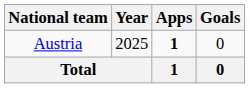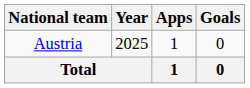 <table class="wikitable" style="text-align:center">
 <tr>
 <th>National team</th>
 <th>Year</th>
 <th>Apps</th>
 <th>Goals</th>
 </tr>
 <tr>
 <td><a href='#'>Austria</a></td>
 <td>2025</td>
-<td><strong>1</strong></td>
+<td>1</td>
 <td>0</td>
 </tr>
 <tr>
 <th colspan="2">Total</th>
 <th>1</th>
 <th>0</th>
 </tr>
 </table>
